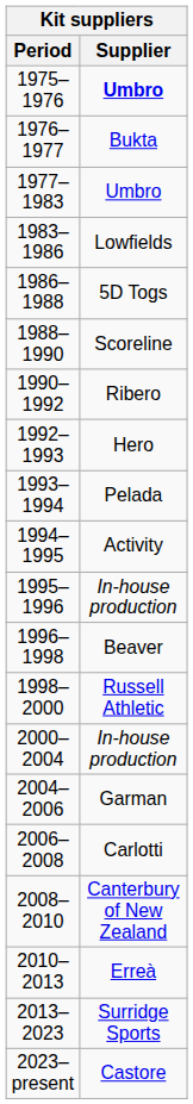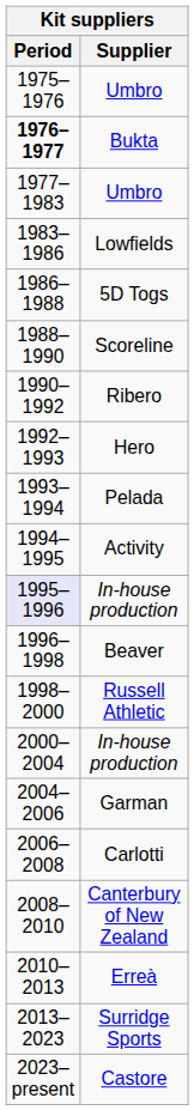 <table class="wikitable plainrowheaders" style="width: 25%; text-align: center; margin-left:1em; float: left">
 <tr>
 <th colspan=3>Kit suppliers</th>
 </tr>
 <tr>
 <th scope="col">Period</th>
 <th scope="col">Supplier</th>
 </tr>
 <tr>
 <td scope="row">1975–1976</td>
-<td><strong><a href='#'>Umbro</a></strong></td>
+<td><a href='#'>Umbro</a></td>
 </tr>
 <tr>
-<td scope="row">1976–1977</td>
+<td scope="row"><strong>1976–1977</strong></td>
 <td><a href='#'>Bukta</a></td>
 </tr>
 <tr>
 <td scope="row">1977–1983</td>
 <td><a href='#'>Umbro</a></td>
 </tr>
 <tr>
 <td scope="row">1983–1986</td>
 <td>Lowfields</td>
 </tr>
 <tr>
 <td scope="row">1986–1988</td>
 <td>5D Togs</td>
 </tr>
 <tr>
 <td scope="row">1988–1990</td>
 <td>Scoreline</td>
 </tr>
 <tr>
 <td scope="row">1990–1992</td>
 <td>Ribero</td>
 </tr>
 <tr>
 <td scope="row">1992–1993</td>
 <td>Hero</td>
 </tr>
 <tr>
 <td scope="row">1993–1994</td>
 <td>Pelada</td>
 </tr>
 <tr>
 <td scope="row">1994–1995</td>
 <td>Activity</td>
 </tr>
 <tr>
-<td scope="row">1995–1996</td>
+<td scope="row" style="background: lavender;">1995–1996</td>
 <td><em>In-house production</em></td>
 </tr>
 <tr>
 <td scope="row">1996–1998</td>
 <td>Beaver</td>
 </tr>
 <tr>
 <td scope="row">1998–2000</td>
 <td><a href='#'>Russell Athletic</a></td>
 </tr>
 <tr>
 <td scope="row">2000–2004</td>
 <td><em>In-house production</em></td>
 </tr>
 <tr>
 <td scope="row">2004–2006</td>
 <td>Garman</td>
 </tr>
 <tr>
 <td scope="row">2006–2008</td>
 <td>Carlotti</td>
 </tr>
 <tr>
 <td scope="row">2008–2010</td>
 <td><a href='#'>Canterbury of New Zealand</a></td>
 </tr>
 <tr>
 <td scope="row">2010–2013</td>
 <td><a href='#'>Erreà</a></td>
 </tr>
 <tr>
 <td scope="row">2013–2023</td>
 <td><a href='#'>Surridge Sports</a></td>
 </tr>
 <tr>
 <td scope="row">2023–present</td>
 <td><a href='#'>Castore</a></td>
 </tr>
 </table>
